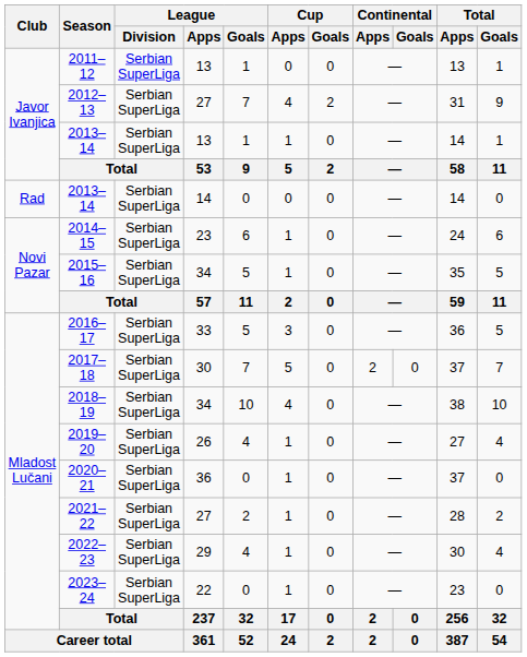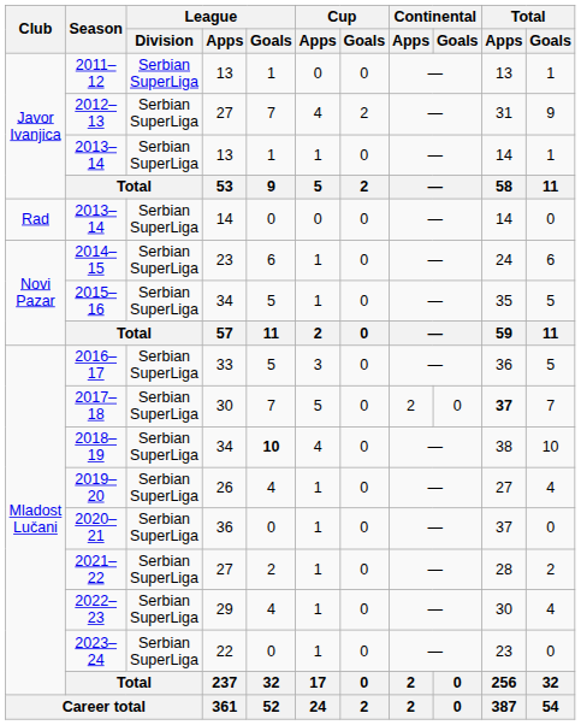 <table class="wikitable" style="text-align:center">
 <tr>
 <th rowspan="2">Club</th>
 <th rowspan="2">Season</th>
 <th colspan="3">League</th>
 <th colspan="2">Cup</th>
 <th colspan="2">Continental</th>
 <th colspan="2">Total</th>
 </tr>
 <tr>
 <th>Division</th>
 <th>Apps</th>
 <th>Goals</th>
 <th>Apps</th>
 <th>Goals</th>
 <th>Apps</th>
 <th>Goals</th>
 <th>Apps</th>
 <th>Goals</th>
 </tr>
 <tr>
 <td rowspan="4"><a href='#'>Javor Ivanjica</a></td>
 <td><a href='#'>2011–12</a></td>
 <td><a href='#'>Serbian SuperLiga</a></td>
 <td>13</td>
 <td>1</td>
 <td>0</td>
 <td>0</td>
 <td colspan="2">—</td>
 <td>13</td>
 <td>1</td>
 </tr>
 <tr>
 <td><a href='#'>2012–13</a></td>
 <td>Serbian SuperLiga</td>
 <td>27</td>
 <td>7</td>
 <td>4</td>
 <td>2</td>
 <td colspan="2">—</td>
 <td>31</td>
 <td>9</td>
 </tr>
 <tr>
 <td><a href='#'>2013–14</a></td>
 <td>Serbian SuperLiga</td>
 <td>13</td>
 <td>1</td>
 <td>1</td>
 <td>0</td>
 <td colspan="2">—</td>
 <td>14</td>
 <td>1</td>
 </tr>
 <tr>
 <th colspan="2">Total</th>
 <th>53</th>
 <th>9</th>
 <th>5</th>
 <th>2</th>
 <th colspan="2">—</th>
 <th>58</th>
 <th>11</th>
 </tr>
 <tr>
 <td><a href='#'>Rad</a></td>
 <td><a href='#'>2013–14</a></td>
 <td>Serbian SuperLiga</td>
 <td>14</td>
 <td>0</td>
 <td>0</td>
 <td>0</td>
 <td colspan="2">—</td>
 <td>14</td>
 <td>0</td>
 </tr>
 <tr>
 <td rowspan="3"><a href='#'>Novi Pazar</a></td>
 <td><a href='#'>2014–15</a></td>
 <td>Serbian SuperLiga</td>
 <td>23</td>
 <td>6</td>
 <td>1</td>
 <td>0</td>
 <td colspan="2">—</td>
 <td>24</td>
 <td>6</td>
 </tr>
 <tr>
 <td><a href='#'>2015–16</a></td>
 <td>Serbian SuperLiga</td>
 <td>34</td>
 <td>5</td>
 <td>1</td>
 <td>0</td>
 <td colspan="2">—</td>
 <td>35</td>
 <td>5</td>
 </tr>
 <tr>
 <th colspan="2">Total</th>
 <th>57</th>
 <th>11</th>
 <th>2</th>
 <th>0</th>
 <th colspan="2">—</th>
 <th>59</th>
 <th>11</th>
 </tr>
 <tr>
 <td rowspan="9"><a href='#'>Mladost Lučani</a></td>
 <td><a href='#'>2016–17</a></td>
 <td>Serbian SuperLiga</td>
 <td>33</td>
 <td>5</td>
 <td>3</td>
 <td>0</td>
 <td colspan="2">—</td>
 <td>36</td>
 <td>5</td>
 </tr>
 <tr>
 <td><a href='#'>2017–18</a></td>
 <td>Serbian SuperLiga</td>
 <td>30</td>
 <td>7</td>
 <td>5</td>
 <td>0</td>
 <td>2</td>
 <td>0</td>
-<td>37</td>
+<td><strong>37</strong></td>
 <td>7</td>
 </tr>
 <tr>
 <td><a href='#'>2018–19</a></td>
 <td>Serbian SuperLiga</td>
 <td>34</td>
-<td>10</td>
+<td><strong>10</strong></td>
 <td>4</td>
 <td>0</td>
 <td colspan="2">—</td>
 <td>38</td>
 <td>10</td>
 </tr>
 <tr>
 <td><a href='#'>2019–20</a></td>
 <td>Serbian SuperLiga</td>
 <td>26</td>
 <td>4</td>
 <td>1</td>
 <td>0</td>
 <td colspan="2">—</td>
 <td>27</td>
 <td>4</td>
 </tr>
 <tr>
 <td><a href='#'>2020–21</a></td>
 <td>Serbian SuperLiga</td>
 <td>36</td>
 <td>0</td>
 <td>1</td>
 <td>0</td>
 <td colspan="2">—</td>
 <td>37</td>
 <td>0</td>
 </tr>
 <tr>
 <td><a href='#'>2021–22</a></td>
 <td>Serbian SuperLiga</td>
 <td>27</td>
 <td>2</td>
 <td>1</td>
 <td>0</td>
 <td colspan="2">—</td>
 <td>28</td>
 <td>2</td>
 </tr>
 <tr>
 <td><a href='#'>2022–23</a></td>
 <td>Serbian SuperLiga</td>
 <td>29</td>
 <td>4</td>
 <td>1</td>
 <td>0</td>
 <td colspan="2">—</td>
 <td>30</td>
 <td>4</td>
 </tr>
 <tr>
 <td><a href='#'>2023–24</a></td>
 <td>Serbian SuperLiga</td>
 <td>22</td>
 <td>0</td>
 <td>1</td>
 <td>0</td>
 <td colspan="2">—</td>
 <td>23</td>
 <td>0</td>
 </tr>
 <tr>
 <th colspan="2">Total</th>
 <th>237</th>
 <th>32</th>
 <th>17</th>
 <th>0</th>
 <th>2</th>
 <th>0</th>
 <th>256</th>
 <th>32</th>
 </tr>
 <tr>
 <th colspan="3">Career total</th>
 <th>361</th>
 <th>52</th>
 <th>24</th>
 <th>2</th>
 <th>2</th>
 <th>0</th>
 <th>387</th>
 <th>54</th>
 </tr>
 </table>
